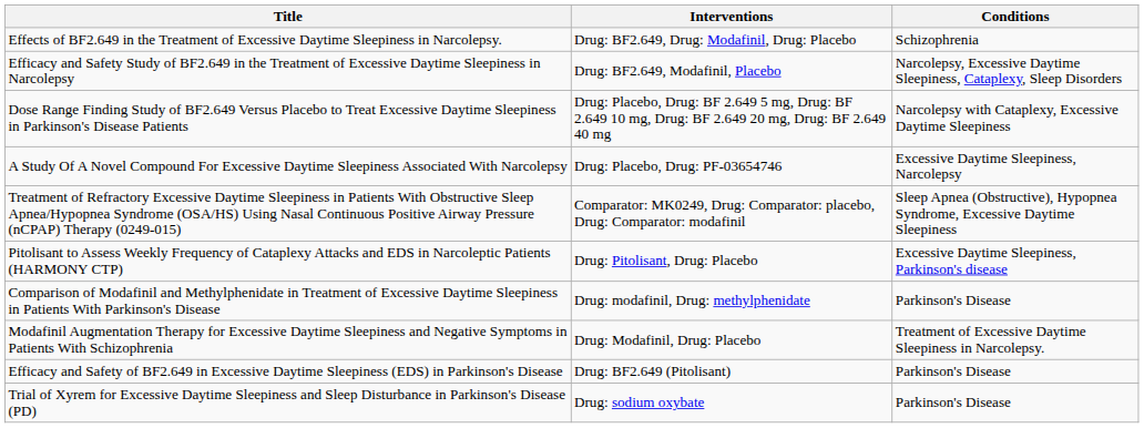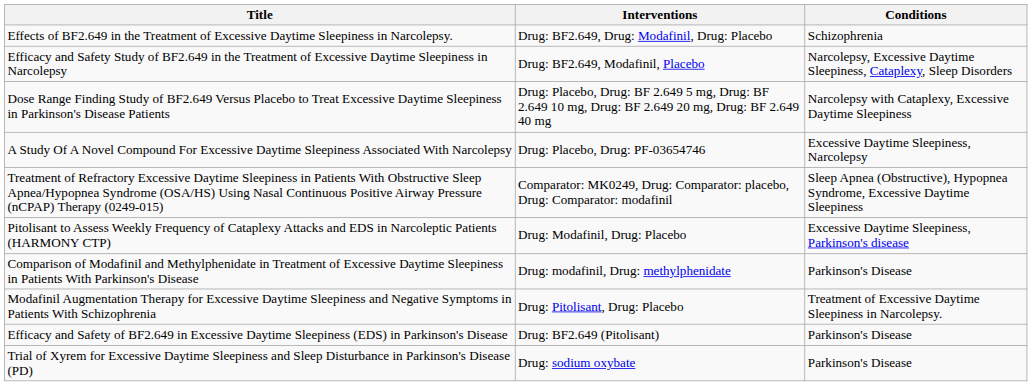 <table class="wikitable">
 <tr>
 <th>Title</th>
 <th>Interventions</th>
 <th>Conditions</th>
 </tr>
 <tr>
 <td>Effects of BF2.649 in the Treatment of Excessive Daytime Sleepiness in Narcolepsy.</td>
 <td>Drug: BF2.649, Drug: <a href='#'>Modafinil</a>, Drug: Placebo</td>
 <td>Schizophrenia</td>
 </tr>
 <tr>
 <td>Efficacy and Safety Study of BF2.649 in the Treatment of Excessive Daytime Sleepiness in Narcolepsy</td>
 <td>Drug: BF2.649, Modafinil, <a href='#'>Placebo</a></td>
 <td>Narcolepsy, Excessive Daytime Sleepiness, <a href='#'>Cataplexy</a>, Sleep Disorders</td>
 </tr>
 <tr>
 <td>Dose Range Finding Study of BF2.649 Versus Placebo to Treat Excessive Daytime Sleepiness in Parkinson's Disease Patients</td>
 <td>Drug: Placebo, Drug: BF 2.649 5 mg, Drug: BF 2.649 10 mg, Drug: BF 2.649 20 mg, Drug: BF 2.649 40 mg</td>
 <td>Narcolepsy with Cataplexy, Excessive Daytime Sleepiness</td>
 </tr>
 <tr>
 <td>A Study Of A Novel Compound For Excessive Daytime Sleepiness Associated With Narcolepsy</td>
 <td>Drug: Placebo, Drug: PF-03654746</td>
 <td>Excessive Daytime Sleepiness, Narcolepsy</td>
 </tr>
 <tr>
 <td>Treatment of Refractory Excessive Daytime Sleepiness in Patients With Obstructive Sleep Apnea/Hypopnea Syndrome (OSA/HS) Using Nasal Continuous Positive Airway Pressure (nCPAP) Therapy (0249-015)</td>
 <td>Comparator: MK0249, Drug: Comparator: placebo, Drug: Comparator: modafinil</td>
 <td>Sleep Apnea (Obstructive), Hypopnea Syndrome, Excessive Daytime Sleepiness</td>
 </tr>
 <tr>
 <td>Pitolisant to Assess Weekly Frequency of Cataplexy Attacks and EDS in Narcoleptic Patients (HARMONY CTP)</td>
-<td>Drug: <a href='#'>Pitolisant</a>, Drug: Placebo</td>
+<td>Drug: Modafinil, Drug: Placebo</td>
 <td>Excessive Daytime Sleepiness, <a href='#'>Parkinson's disease</a></td>
 </tr>
 <tr>
 <td>Comparison of Modafinil and Methylphenidate in Treatment of Excessive Daytime Sleepiness in Patients With Parkinson's Disease</td>
 <td>Drug: modafinil, Drug: <a href='#'>methylphenidate</a></td>
 <td>Parkinson's Disease</td>
 </tr>
 <tr>
 <td>Modafinil Augmentation Therapy for Excessive Daytime Sleepiness and Negative Symptoms in Patients With Schizophrenia</td>
-<td>Drug: Modafinil, Drug: Placebo</td>
+<td>Drug: <a href='#'>Pitolisant</a>, Drug: Placebo</td>
 <td>Treatment of Excessive Daytime Sleepiness in Narcolepsy.</td>
 </tr>
 <tr>
 <td>Efficacy and Safety of BF2.649 in Excessive Daytime Sleepiness (EDS) in Parkinson's Disease</td>
 <td>Drug: BF2.649 (Pitolisant)</td>
 <td>Parkinson's Disease</td>
 </tr>
 <tr>
 <td>Trial of Xyrem for Excessive Daytime Sleepiness and Sleep Disturbance in Parkinson's Disease (PD)</td>
 <td>Drug: <a href='#'>sodium oxybate</a></td>
 <td>Parkinson's Disease</td>
 </tr>
 </table>
